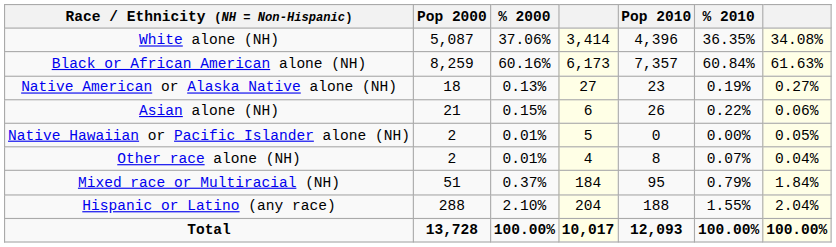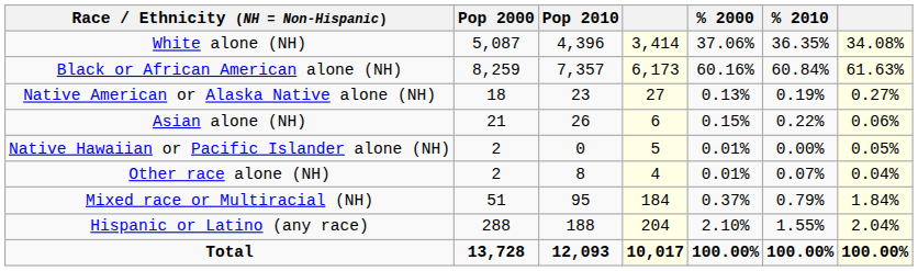 <table class="wikitable" style="text-align:center;">
 <tr>
 <th>Race / Ethnicity <small>(<em>NH = Non-Hispanic</em>)</small></th>
 <th>Pop 2000</th>
+<th>Pop 2010</th>
+<th></th>
 <th>% 2000</th>
-<th></th>
-<th>Pop 2010</th>
 <th>% 2010</th>
 <th></th>
 </tr>
 <tr>
 <td><a href='#'>White</a> alone (NH)</td>
 <td>5,087</td>
+<td>4,396</td>
+<td style='background: #ffffe6;'>3,414</td>
 <td>37.06%</td>
-<td style='background: #ffffe6;'>3,414</td>
-<td>4,396</td>
 <td>36.35%</td>
 <td style='background: #ffffe6;'>34.08%</td>
 </tr>
 <tr>
 <td><a href='#'>Black or African American</a> alone (NH)</td>
 <td>8,259</td>
+<td>7,357</td>
+<td style='background: #ffffe6;'>6,173</td>
 <td>60.16%</td>
-<td style='background: #ffffe6;'>6,173</td>
-<td>7,357</td>
 <td>60.84%</td>
 <td style='background: #ffffe6;'>61.63%</td>
 </tr>
 <tr>
 <td><a href='#'>Native American</a> or <a href='#'>Alaska Native</a> alone (NH)</td>
 <td>18</td>
+<td>23</td>
+<td style='background: #ffffe6;'>27</td>
 <td>0.13%</td>
-<td style='background: #ffffe6;'>27</td>
-<td>23</td>
 <td>0.19%</td>
 <td style='background: #ffffe6;'>0.27%</td>
 </tr>
 <tr>
 <td><a href='#'>Asian</a> alone (NH)</td>
 <td>21</td>
+<td>26</td>
+<td style='background: #ffffe6;'>6</td>
 <td>0.15%</td>
-<td style='background: #ffffe6;'>6</td>
-<td>26</td>
 <td>0.22%</td>
 <td style='background: #ffffe6;'>0.06%</td>
 </tr>
 <tr>
 <td><a href='#'>Native Hawaiian</a> or <a href='#'>Pacific Islander</a> alone (NH)</td>
 <td>2</td>
+<td>0</td>
+<td style='background: #ffffe6;'>5</td>
 <td>0.01%</td>
-<td style='background: #ffffe6;'>5</td>
-<td>0</td>
 <td>0.00%</td>
 <td style='background: #ffffe6;'>0.05%</td>
 </tr>
 <tr>
 <td><a href='#'>Other race</a> alone (NH)</td>
 <td>2</td>
+<td>8</td>
+<td style='background: #ffffe6;'>4</td>
 <td>0.01%</td>
-<td style='background: #ffffe6;'>4</td>
-<td>8</td>
 <td>0.07%</td>
 <td style='background: #ffffe6;'>0.04%</td>
 </tr>
 <tr>
 <td><a href='#'>Mixed race or Multiracial</a> (NH)</td>
 <td>51</td>
+<td>95</td>
+<td style='background: #ffffe6;'>184</td>
 <td>0.37%</td>
-<td style='background: #ffffe6;'>184</td>
-<td>95</td>
 <td>0.79%</td>
 <td style='background: #ffffe6;'>1.84%</td>
 </tr>
 <tr>
 <td><a href='#'>Hispanic or Latino</a> (any race)</td>
 <td>288</td>
+<td>188</td>
+<td style='background: #ffffe6;'>204</td>
 <td>2.10%</td>
-<td style='background: #ffffe6;'>204</td>
-<td>188</td>
 <td>1.55%</td>
 <td style='background: #ffffe6;'>2.04%</td>
 </tr>
 <tr>
 <td><strong>Total</strong></td>
 <td><strong>13,728</strong></td>
+<td><strong>12,093</strong></td>
+<td style='background: #ffffe6;'><strong>10,017</strong></td>
 <td><strong>100.00%</strong></td>
-<td style='background: #ffffe6;'><strong>10,017</strong></td>
-<td><strong>12,093</strong></td>
 <td><strong>100.00%</strong></td>
 <td style='background: #ffffe6;'><strong>100.00%</strong></td>
 </tr>
 </table>
